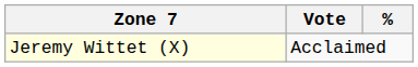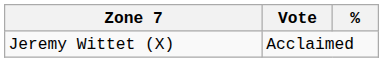 <table class="wikitable">
 <tr>
 <th bgcolor="#DDDDFF" width="200px">Zone 7</th>
 <th bgcolor="#DDDDFF" width="50px">Vote</th>
 <th bgcolor="#DDDDFF" width="30px">%</th>
 </tr>
 <tr>
-<td style="background: lightyellow;">Jeremy Wittet (X)</td>
+<td>Jeremy Wittet (X)</td>
 <td colspan="2">Acclaimed</td>
 </tr>
 </table>
